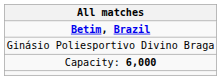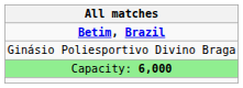 <table class="wikitable" style="text-align:center">
 <tr>
 <th>All matches</th>
 </tr>
 <tr>
 <td> <strong><a href='#'>Betim</a>, <a href='#'>Brazil</a></strong></td>
 </tr>
 <tr>
 <td>Ginásio Poliesportivo Divino Braga</td>
 </tr>
 <tr>
-<td>Capacity: <strong>6,000</strong></td>
+<td style="background: lightgreen;">Capacity: <strong>6,000</strong></td>
 </tr>
 <tr>
 <td></td>
 </tr>
 </table>
